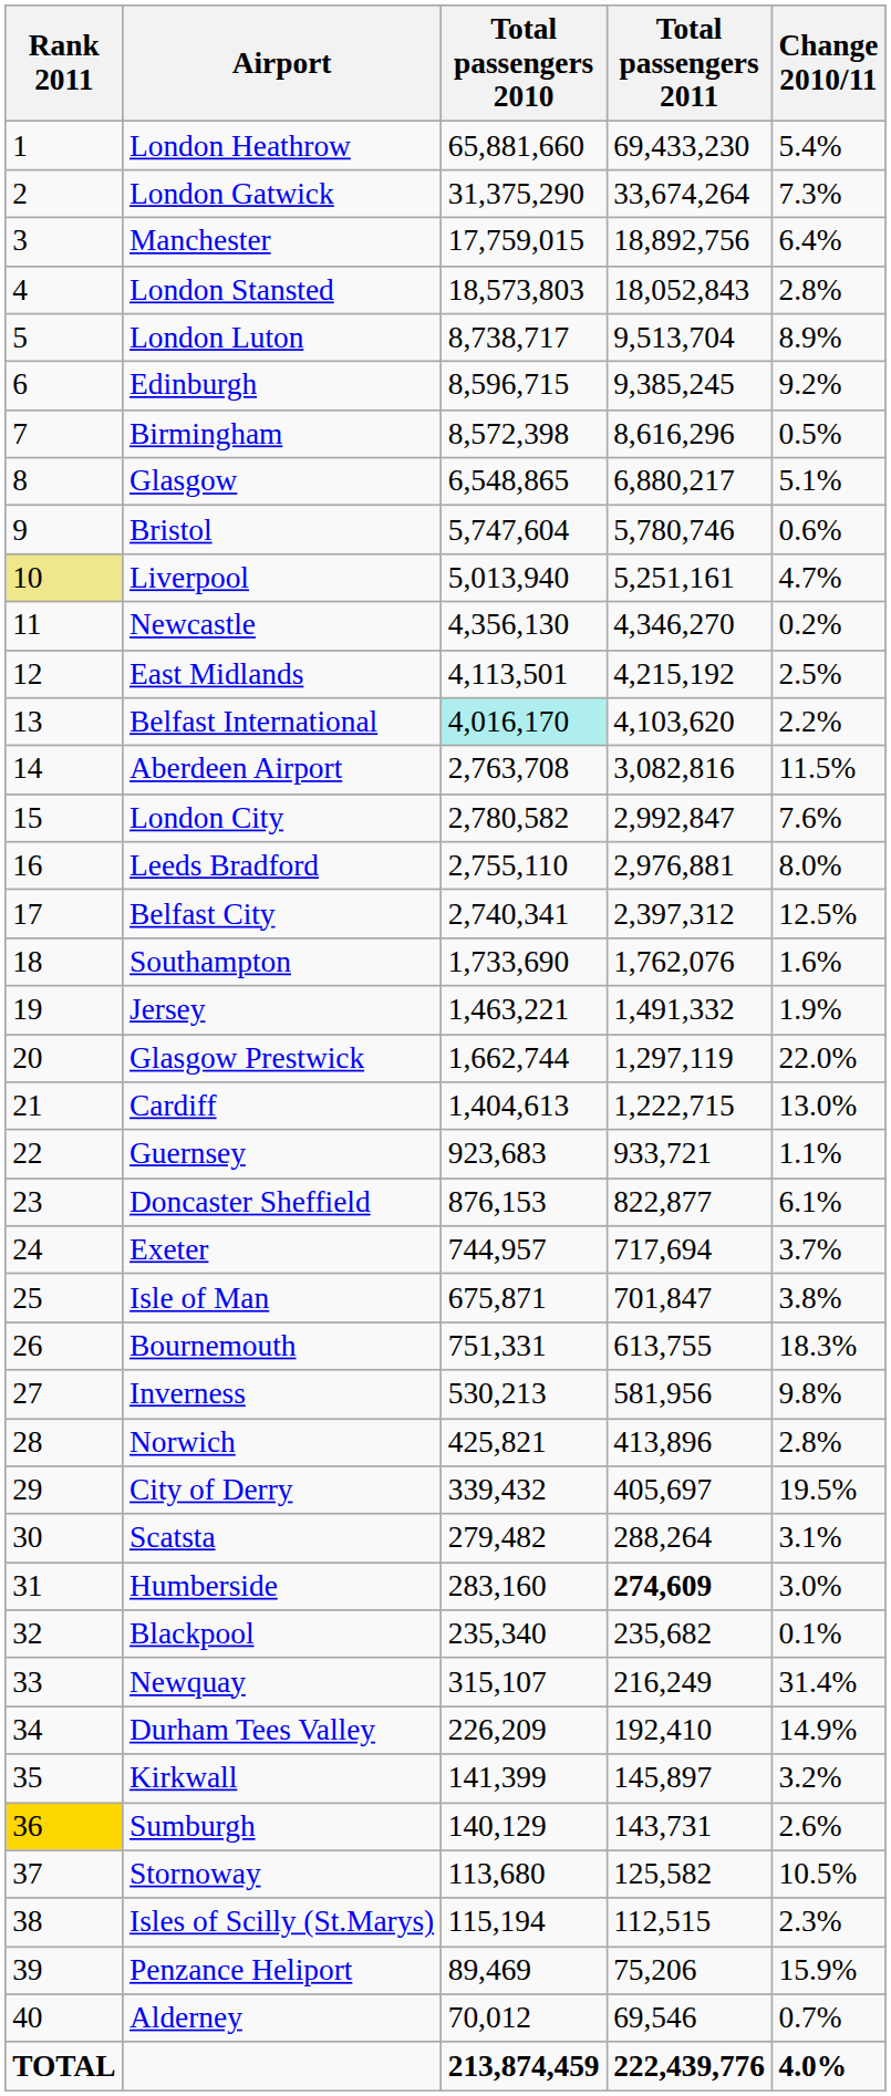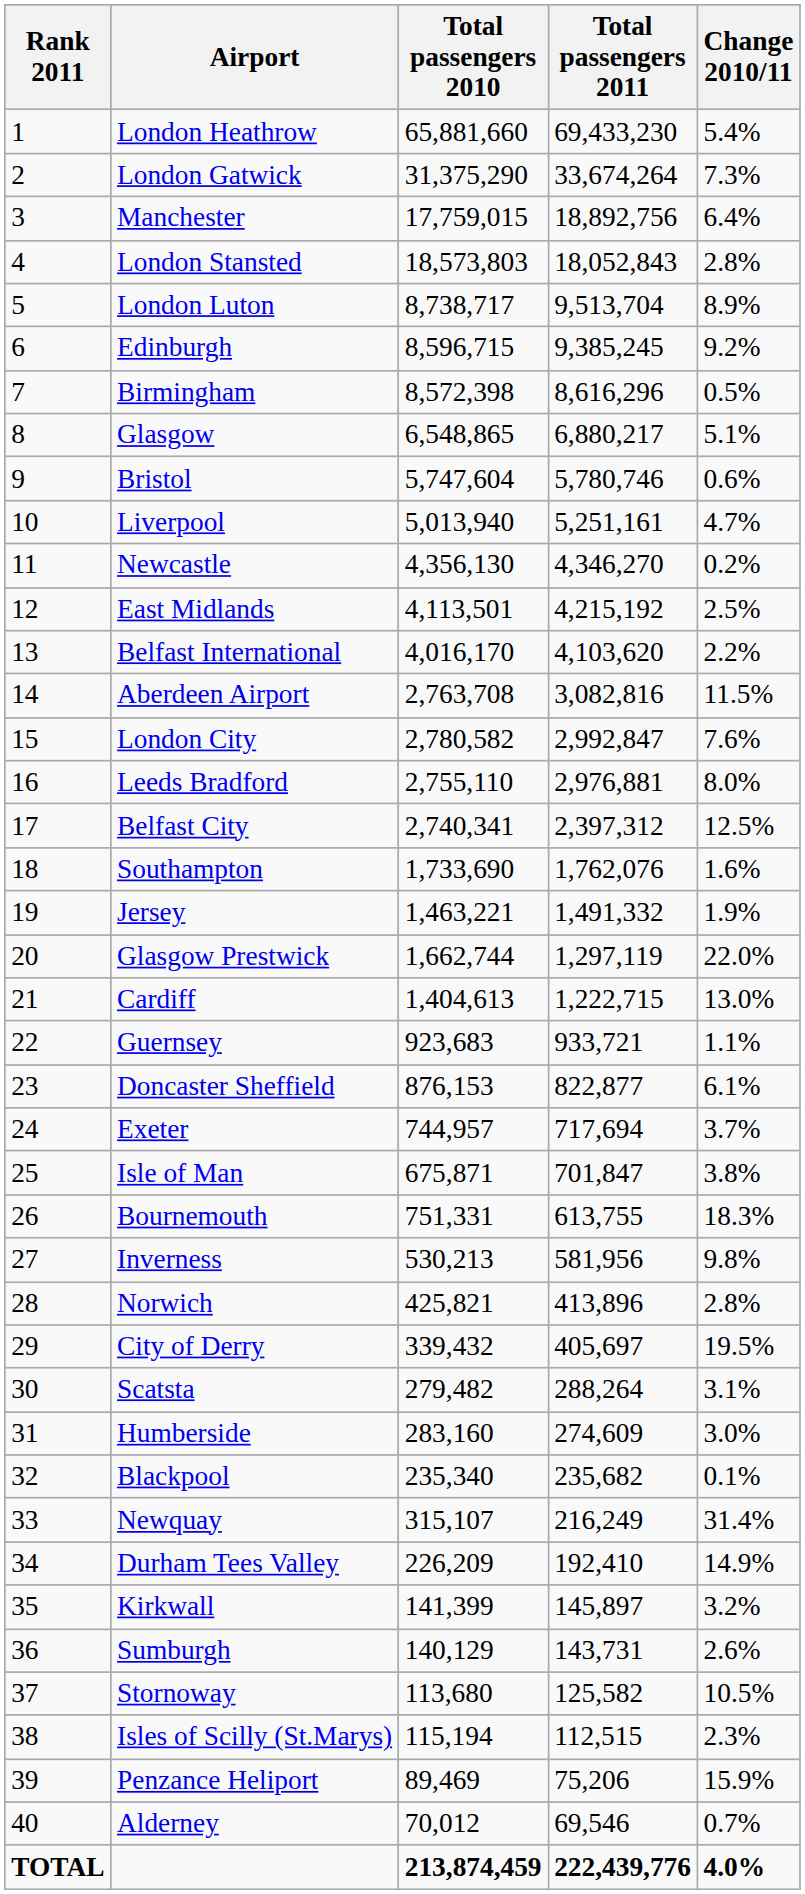 <table class="wikitable sortable">
 <tr>
 <th>Rank<br>2011</th>
 <th>Airport</th>
 <th>Total<br>passengers<br>2010</th>
 <th>Total<br>passengers<br>2011 <br><small></small></th>
 <th>Change<br>2010/11</th>
 </tr>
 <tr>
 <td>1</td>
 <td><a href='#'>London Heathrow</a></td>
 <td>65,881,660</td>
 <td>69,433,230</td>
 <td>5.4%</td>
 </tr>
 <tr>
 <td>2</td>
 <td><a href='#'>London Gatwick</a></td>
 <td>31,375,290</td>
 <td>33,674,264</td>
 <td>7.3%</td>
 </tr>
 <tr>
 <td>3</td>
 <td><a href='#'>Manchester</a></td>
 <td>17,759,015</td>
 <td>18,892,756</td>
 <td>6.4%</td>
 </tr>
 <tr>
 <td>4</td>
 <td><a href='#'>London Stansted</a></td>
 <td>18,573,803</td>
 <td>18,052,843</td>
 <td>2.8%</td>
 </tr>
 <tr>
 <td>5</td>
 <td><a href='#'>London Luton</a></td>
 <td>8,738,717</td>
 <td>9,513,704</td>
 <td>8.9%</td>
 </tr>
 <tr>
 <td>6</td>
 <td><a href='#'>Edinburgh</a></td>
 <td>8,596,715</td>
 <td>9,385,245</td>
 <td>9.2%</td>
 </tr>
 <tr>
 <td>7</td>
 <td><a href='#'>Birmingham</a></td>
 <td>8,572,398</td>
 <td>8,616,296</td>
 <td>0.5%</td>
 </tr>
 <tr>
 <td>8</td>
 <td><a href='#'>Glasgow</a></td>
 <td>6,548,865</td>
 <td>6,880,217</td>
 <td>5.1%</td>
 </tr>
 <tr>
 <td>9</td>
 <td><a href='#'>Bristol</a></td>
 <td>5,747,604</td>
 <td>5,780,746</td>
 <td>0.6%</td>
 </tr>
 <tr>
-<td style="background: khaki;">10</td>
+<td>10</td>
 <td><a href='#'>Liverpool</a></td>
 <td>5,013,940</td>
 <td>5,251,161</td>
 <td>4.7%</td>
 </tr>
 <tr>
 <td>11</td>
 <td><a href='#'>Newcastle</a></td>
 <td>4,356,130</td>
 <td>4,346,270</td>
 <td>0.2%</td>
 </tr>
 <tr>
 <td>12</td>
 <td><a href='#'>East Midlands</a></td>
 <td>4,113,501</td>
 <td>4,215,192</td>
 <td>2.5%</td>
 </tr>
 <tr>
 <td>13</td>
 <td><a href='#'>Belfast International</a></td>
-<td style="background: paleturquoise;">4,016,170</td>
+<td>4,016,170</td>
 <td>4,103,620</td>
 <td>2.2%</td>
 </tr>
 <tr>
 <td>14</td>
 <td><a href='#'>Aberdeen Airport</a></td>
 <td>2,763,708</td>
 <td>3,082,816</td>
 <td>11.5%</td>
 </tr>
 <tr>
 <td>15</td>
 <td><a href='#'>London City</a></td>
 <td>2,780,582</td>
 <td>2,992,847</td>
 <td>7.6%</td>
 </tr>
 <tr>
 <td>16</td>
 <td><a href='#'>Leeds Bradford</a></td>
 <td>2,755,110</td>
 <td>2,976,881</td>
 <td>8.0%</td>
 </tr>
 <tr>
 <td>17</td>
 <td><a href='#'>Belfast City</a></td>
 <td>2,740,341</td>
 <td>2,397,312</td>
 <td>12.5%</td>
 </tr>
 <tr>
 <td>18</td>
 <td><a href='#'>Southampton</a></td>
 <td>1,733,690</td>
 <td>1,762,076</td>
 <td>1.6%</td>
 </tr>
 <tr>
 <td>19</td>
 <td><a href='#'>Jersey</a></td>
 <td>1,463,221</td>
 <td>1,491,332</td>
 <td>1.9%</td>
 </tr>
 <tr>
 <td>20</td>
 <td><a href='#'>Glasgow Prestwick</a></td>
 <td>1,662,744</td>
 <td>1,297,119</td>
 <td>22.0%</td>
 </tr>
 <tr>
 <td>21</td>
 <td><a href='#'>Cardiff</a></td>
 <td>1,404,613</td>
 <td>1,222,715</td>
 <td>13.0%</td>
 </tr>
 <tr>
 <td>22</td>
 <td><a href='#'>Guernsey</a></td>
 <td>923,683</td>
 <td>933,721</td>
 <td>1.1%</td>
 </tr>
 <tr>
 <td>23</td>
 <td><a href='#'>Doncaster Sheffield</a></td>
 <td>876,153</td>
 <td>822,877</td>
 <td>6.1%</td>
 </tr>
 <tr>
 <td>24</td>
 <td><a href='#'>Exeter</a></td>
 <td>744,957</td>
 <td>717,694</td>
 <td>3.7%</td>
 </tr>
 <tr>
 <td>25</td>
 <td><a href='#'>Isle of Man</a></td>
 <td>675,871</td>
 <td>701,847</td>
 <td>3.8%</td>
 </tr>
 <tr>
 <td>26</td>
 <td><a href='#'>Bournemouth</a></td>
 <td>751,331</td>
 <td>613,755</td>
 <td>18.3%</td>
 </tr>
 <tr>
 <td>27</td>
 <td><a href='#'>Inverness</a></td>
 <td>530,213</td>
 <td>581,956</td>
 <td>9.8%</td>
 </tr>
 <tr>
 <td>28</td>
 <td><a href='#'>Norwich</a></td>
 <td>425,821</td>
 <td>413,896</td>
 <td>2.8%</td>
 </tr>
 <tr>
 <td>29</td>
 <td><a href='#'>City of Derry</a></td>
 <td>339,432</td>
 <td>405,697</td>
 <td>19.5%</td>
 </tr>
 <tr>
 <td>30</td>
 <td><a href='#'>Scatsta</a></td>
 <td>279,482</td>
 <td>288,264</td>
 <td>3.1%</td>
 </tr>
 <tr>
 <td>31</td>
 <td><a href='#'>Humberside</a></td>
 <td>283,160</td>
-<td><strong>274,609</strong></td>
+<td>274,609</td>
 <td>3.0%</td>
 </tr>
 <tr>
 <td>32</td>
 <td><a href='#'>Blackpool</a></td>
 <td>235,340</td>
 <td>235,682</td>
 <td>0.1%</td>
 </tr>
 <tr>
 <td>33</td>
 <td><a href='#'>Newquay</a></td>
 <td>315,107</td>
 <td>216,249</td>
 <td>31.4%</td>
 </tr>
 <tr>
 <td>34</td>
 <td><a href='#'>Durham Tees Valley</a></td>
 <td>226,209</td>
 <td>192,410</td>
 <td>14.9%</td>
 </tr>
 <tr>
 <td>35</td>
 <td><a href='#'>Kirkwall</a></td>
 <td>141,399</td>
 <td>145,897</td>
 <td>3.2%</td>
 </tr>
 <tr>
-<td style="background: gold;">36</td>
+<td>36</td>
 <td><a href='#'>Sumburgh</a></td>
 <td>140,129</td>
 <td>143,731</td>
 <td>2.6%</td>
 </tr>
 <tr>
 <td>37</td>
 <td><a href='#'>Stornoway</a></td>
 <td>113,680</td>
 <td>125,582</td>
 <td>10.5%</td>
 </tr>
 <tr>
 <td>38</td>
 <td><a href='#'>Isles of Scilly (St.Marys)</a></td>
 <td>115,194</td>
 <td>112,515</td>
 <td>2.3%</td>
 </tr>
 <tr>
 <td>39</td>
 <td><a href='#'>Penzance Heliport</a></td>
 <td>89,469</td>
 <td>75,206</td>
 <td>15.9%</td>
 </tr>
 <tr>
 <td>40</td>
 <td><a href='#'>Alderney</a></td>
 <td>70,012</td>
 <td>69,546</td>
 <td>0.7%</td>
 </tr>
 <tr class="sortbottom">
 <td><strong>TOTAL</strong></td>
 <td></td>
 <td><strong>213,874,459</strong></td>
 <td><strong>222,439,776</strong></td>
 <td><strong>4.0%</strong></td>
 </tr>
 </table>
